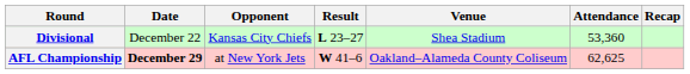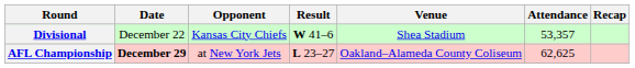 <table class="wikitable" style="text-align:center">
 <tr>
 <th>Round</th>
 <th>Date</th>
 <th>Opponent</th>
 <th>Result</th>
 <th>Venue</th>
 <th>Attendance</th>
 <th>Recap</th>
 </tr>
 <tr style="background:#cfc">
 <th><a href='#'>Divisional</a></th>
 <td>December 22</td>
 <td><a href='#'>Kansas City Chiefs</a></td>
-<td><strong>L</strong> 23–27</td>
+<td><strong>W</strong> 41–6</td>
 <td><a href='#'>Shea Stadium</a></td>
-<td>53,360</td>
+<td>53,357</td>
 <td></td>
 </tr>
 <tr style="background:#fcc">
 <th><a href='#'>AFL Championship</a></th>
 <td><strong>December 29</strong></td>
 <td>at <a href='#'>New York Jets</a></td>
-<td><strong>W</strong> 41–6</td>
+<td><strong>L</strong> 23–27</td>
 <td><a href='#'>Oakland–Alameda County Coliseum</a></td>
 <td>62,625</td>
 <td></td>
 </tr>
 </table>
